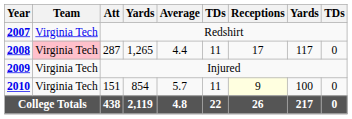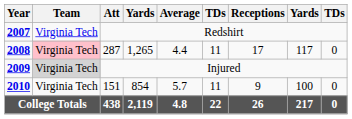 <table class="wikitable" style="text-align:center;">
 <tr>
 <th>Year</th>
 <th>Team</th>
 <th>Att</th>
 <th>Yards</th>
 <th>Average</th>
 <th>TDs</th>
 <th>Receptions</th>
 <th>Yards</th>
 <th>TDs</th>
 </tr>
 <tr>
 <td><strong><a href='#'>2007</a></strong></td>
 <td><a href='#'>Virginia Tech</a></td>
 <td colspan=7 style="text-align:center;">Redshirt</td>
 </tr>
 <tr>
 <td><strong><a href='#'>2008</a></strong></td>
 <td style="background: pink;">Virginia Tech</td>
 <td>287</td>
 <td>1,265</td>
 <td>4.4</td>
 <td>11</td>
 <td>17</td>
 <td>117</td>
 <td>0</td>
 </tr>
 <tr>
 <td><strong><a href='#'>2009</a></strong></td>
-<td>Virginia Tech</td>
+<td style="background: lightgrey;">Virginia Tech</td>
 <td colspan=7 style="text-align:center;">Injured</td>
 </tr>
 <tr>
 <td><strong><a href='#'>2010</a></strong></td>
 <td>Virginia Tech</td>
 <td>151</td>
 <td>854</td>
 <td>5.7</td>
 <td>11</td>
-<td style="background: lightyellow;">9</td>
+<td>9</td>
 <td>100</td>
 <td>0</td>
 </tr>
 <tr style="background:#555555;font-weight:bold;color:white;">
 <td colspan=2>College Totals</td>
 <td>438</td>
 <td>2,119</td>
 <td>4.8</td>
 <td>22</td>
 <td>26</td>
 <td>217</td>
 <td>0</td>
 </tr>
 <tr style="background:#555555;font-weight:bold;color:white;">
 </tr>
 </table>
